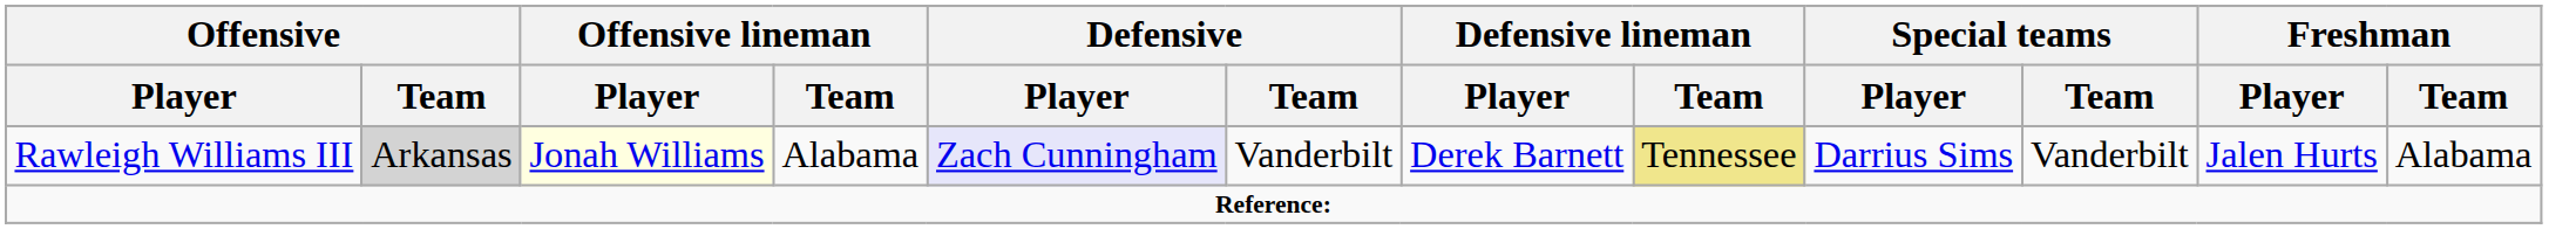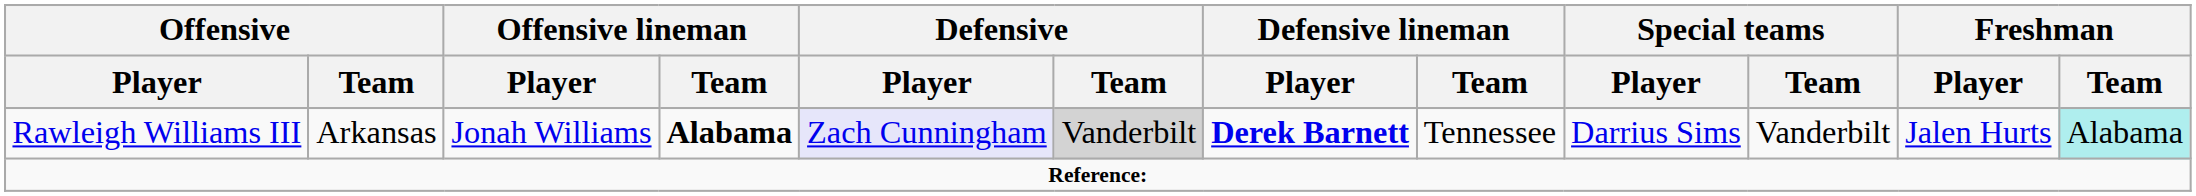 <table class="wikitable">
 <tr>
 <th colspan="2">Offensive</th>
 <th colspan="2">Offensive lineman</th>
 <th colspan="2">Defensive</th>
 <th colspan="2">Defensive lineman</th>
 <th colspan="2">Special teams</th>
 <th colspan="2">Freshman</th>
 </tr>
 <tr>
 <th>Player</th>
 <th>Team</th>
 <th>Player</th>
 <th>Team</th>
 <th>Player</th>
 <th>Team</th>
 <th>Player</th>
 <th>Team</th>
 <th>Player</th>
 <th>Team</th>
 <th>Player</th>
 <th>Team</th>
 </tr>
 <tr>
 <td><a href='#'>Rawleigh Williams III</a></td>
-<td style="background: lightgrey;">Arkansas</td>
-<td style="background: lightyellow;"><a href='#'>Jonah Williams</a></td>
-<td>Alabama</td>
+<td>Arkansas</td>
+<td><a href='#'>Jonah Williams</a></td>
+<td><strong>Alabama</strong></td>
 <td style="background: lavender;"><a href='#'>Zach Cunningham</a></td>
-<td>Vanderbilt</td>
-<td><a href='#'>Derek Barnett</a></td>
-<td style="background: khaki;">Tennessee</td>
+<td style="background: lightgrey;">Vanderbilt</td>
+<td><strong><a href='#'>Derek Barnett</a></strong></td>
+<td>Tennessee</td>
 <td><a href='#'>Darrius Sims</a></td>
 <td>Vanderbilt</td>
 <td><a href='#'>Jalen Hurts</a></td>
-<td>Alabama</td>
+<td style="background: paleturquoise;">Alabama</td>
 </tr>
 <tr>
 <td colspan="12"  style="font-size:8pt; text-align:center;"><strong>Reference:</strong></td>
 </tr>
 </table>
